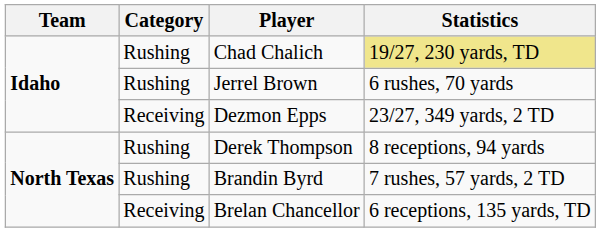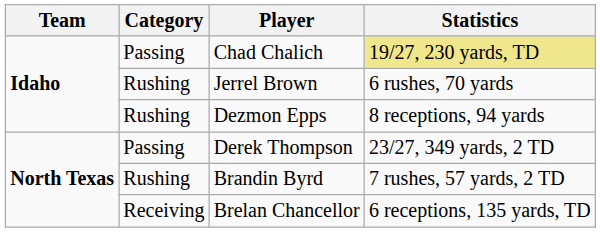 <table class="wikitable" style="float: right;">
 <tr>
 <th>Team</th>
 <th>Category</th>
 <th>Player</th>
 <th>Statistics</th>
 </tr>
 <tr>
 <td rowspan=3><strong>Idaho</strong></td>
-<td>Rushing</td>
+<td>Passing</td>
 <td>Chad Chalich</td>
 <td style="background: khaki;">19/27, 230 yards, TD</td>
 </tr>
 <tr>
 <td>Rushing</td>
 <td>Jerrel Brown</td>
 <td>6 rushes, 70 yards</td>
 </tr>
 <tr>
-<td>Receiving</td>
+<td>Rushing</td>
 <td>Dezmon Epps</td>
-<td>23/27, 349 yards, 2 TD</td>
+<td>8 receptions, 94 yards</td>
 </tr>
 <tr>
 <td rowspan=3><strong>North Texas</strong></td>
-<td>Rushing</td>
+<td>Passing</td>
 <td>Derek Thompson</td>
-<td>8 receptions, 94 yards</td>
+<td>23/27, 349 yards, 2 TD</td>
 </tr>
 <tr>
 <td>Rushing</td>
 <td>Brandin Byrd</td>
 <td>7 rushes, 57 yards, 2 TD</td>
 </tr>
 <tr>
 <td>Receiving</td>
 <td>Brelan Chancellor</td>
 <td>6 receptions, 135 yards, TD</td>
 </tr>
 </table>
